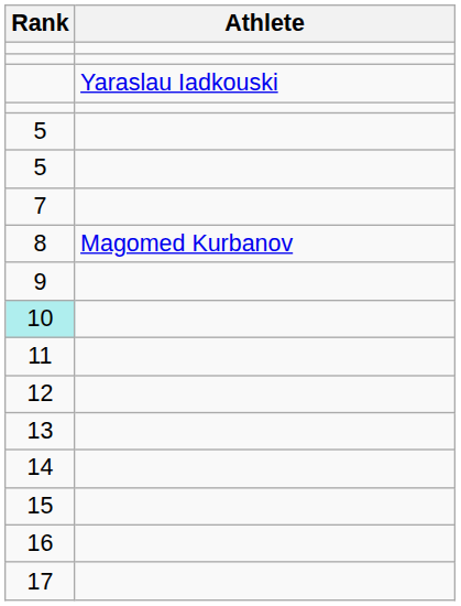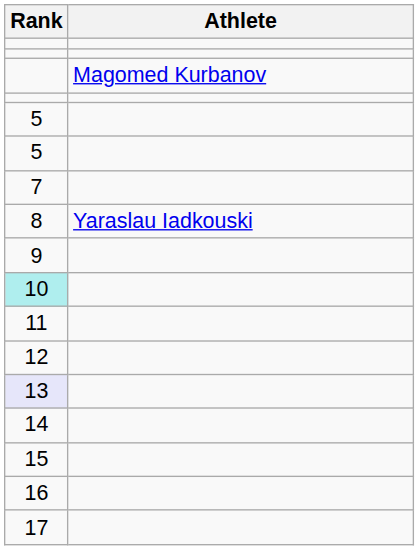 <table class="wikitable" style="text-align: center;">
 <tr>
 <th width=40>Rank</th>
 <th width=250>Athlete</th>
 </tr>
 <tr>
 <td></td>
 <td align="left"></td>
 </tr>
 <tr>
 <td></td>
 <td align="left"></td>
 </tr>
 <tr>
 <td></td>
-<td align="left"> <a href='#'>Yaraslau Iadkouski</a> </td>
+<td align="left"> <a href='#'>Magomed Kurbanov</a> </td>
 </tr>
 <tr>
 <td></td>
 <td align="left"></td>
 </tr>
 <tr>
 <td>5</td>
 <td align="left"></td>
 </tr>
 <tr>
 <td>5</td>
 <td align="left"></td>
 </tr>
 <tr>
 <td>7</td>
 <td align="left"></td>
 </tr>
 <tr>
 <td>8</td>
-<td align="left"> <a href='#'>Magomed Kurbanov</a> </td>
+<td align="left"> <a href='#'>Yaraslau Iadkouski</a> </td>
 </tr>
 <tr>
 <td>9</td>
 <td align="left"></td>
 </tr>
 <tr>
 <td style="background: paleturquoise;">10</td>
 <td align="left"></td>
 </tr>
 <tr>
 <td>11</td>
 <td align="left"></td>
 </tr>
 <tr>
 <td>12</td>
 <td align="left"></td>
 </tr>
 <tr>
-<td>13</td>
+<td style="background: lavender;">13</td>
 <td align="left"></td>
 </tr>
 <tr>
 <td>14</td>
 <td align="left"></td>
 </tr>
 <tr>
 <td>15</td>
 <td align="left"></td>
 </tr>
 <tr>
 <td>16</td>
 <td align="left"></td>
 </tr>
 <tr>
 <td>17</td>
 <td align="left"></td>
 </tr>
 </table>
